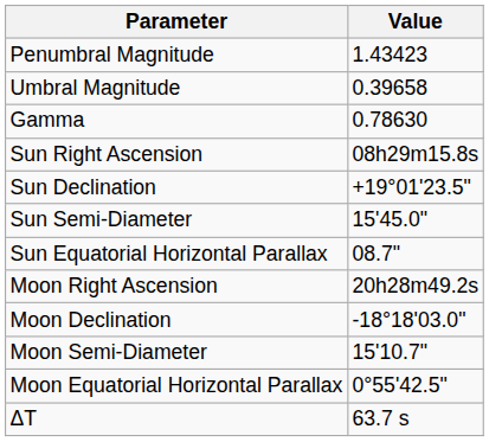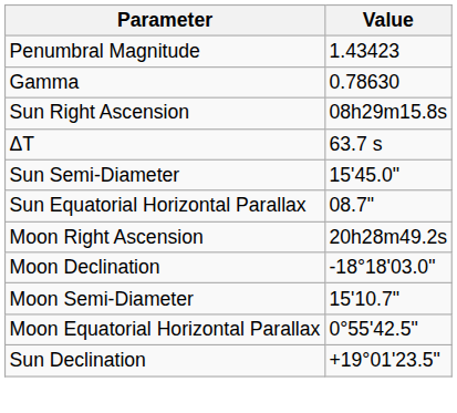 <table class="wikitable">
 <tr>
 <th>Parameter</th>
 <th>Value</th>
 </tr>
 <tr>
 <td>Penumbral Magnitude</td>
 <td>1.43423</td>
 </tr>
 <tr>
-<td>Umbral Magnitude</td>
-<td>0.39658</td>
-</tr>
-<tr>
 <td>Gamma</td>
 <td>0.78630</td>
 </tr>
 <tr>
 <td>Sun Right Ascension</td>
 <td>08h29m15.8s</td>
 </tr>
 <tr>
-<td>Sun Declination</td>
-<td>+19°01'23.5"</td>
+<td>ΔT</td>
+<td>63.7 s</td>
 </tr>
 <tr>
 <td>Sun Semi-Diameter</td>
 <td>15'45.0"</td>
 </tr>
 <tr>
 <td>Sun Equatorial Horizontal Parallax</td>
 <td>08.7"</td>
 </tr>
 <tr>
 <td>Moon Right Ascension</td>
 <td>20h28m49.2s</td>
 </tr>
 <tr>
 <td>Moon Declination</td>
 <td>-18°18'03.0"</td>
 </tr>
 <tr>
 <td>Moon Semi-Diameter</td>
 <td>15'10.7"</td>
 </tr>
 <tr>
 <td>Moon Equatorial Horizontal Parallax</td>
 <td>0°55'42.5"</td>
 </tr>
 <tr>
-<td>ΔT</td>
-<td>63.7 s</td>
+<td>Sun Declination</td>
+<td>+19°01'23.5"</td>
 </tr>
 </table>
